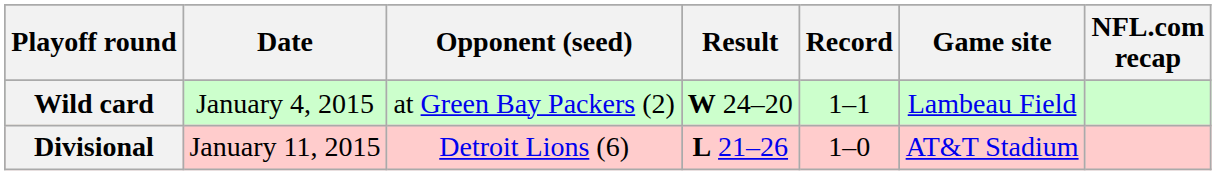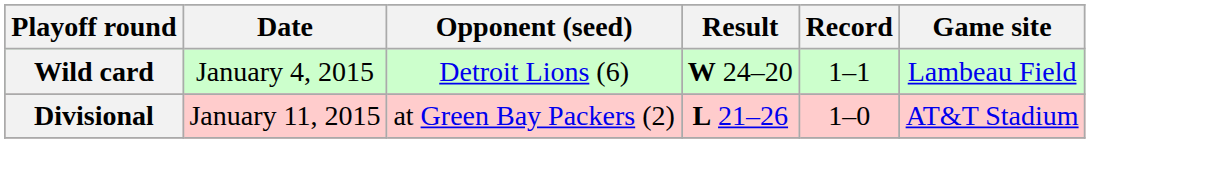 <table class="wikitable" style="align=center">
 <tr>
 <th>Playoff round</th>
 <th>Date</th>
 <th>Opponent (seed)</th>
 <th>Result</th>
 <th>Record</th>
 <th>Game site</th>
-<th>NFL.com<br>recap</th>
 </tr>
 <tr style="background:#cfc; text-align:center;">
 <th>Wild card</th>
 <td>January 4, 2015</td>
-<td>at <a href='#'>Green Bay Packers</a> (2)</td>
+<td><a href='#'>Detroit Lions</a> (6)</td>
 <td><strong>W</strong> 24–20</td>
 <td>1–1</td>
 <td><a href='#'>Lambeau Field</a></td>
-<td></td>
 </tr>
 <tr style="background:#fcc; text-align:center;">
 <th>Divisional</th>
 <td>January 11, 2015</td>
-<td><a href='#'>Detroit Lions</a> (6)</td>
+<td>at <a href='#'>Green Bay Packers</a> (2)</td>
 <td><strong>L</strong> <a href='#'>21–26</a></td>
 <td>1–0</td>
 <td><a href='#'>AT&T Stadium</a></td>
-<td></td>
 </tr>
 </table>
